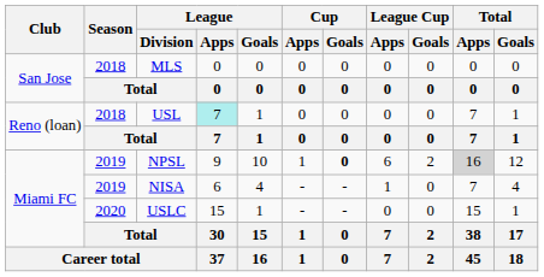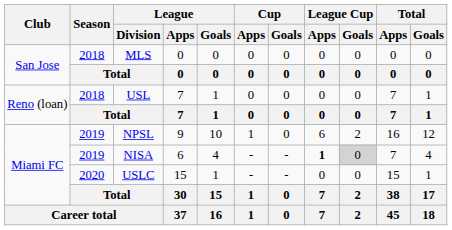 <table class="wikitable" style="text-align: center;">
 <tr>
 <th rowspan="2">Club</th>
 <th rowspan="2">Season</th>
 <th colspan="3">League</th>
 <th colspan="2">Cup</th>
 <th colspan="2">League Cup</th>
 <th colspan="2">Total</th>
 </tr>
 <tr>
 <th>Division</th>
 <th>Apps</th>
 <th>Goals</th>
 <th>Apps</th>
 <th>Goals</th>
 <th>Apps</th>
 <th>Goals</th>
 <th>Apps</th>
 <th>Goals</th>
 </tr>
 <tr>
 <td rowspan="2" valign="center"><a href='#'>San Jose</a></td>
 <td><a href='#'>2018</a></td>
 <td Rowspan="1"><a href='#'>MLS</a></td>
 <td>0</td>
 <td>0</td>
 <td>0</td>
 <td>0</td>
 <td>0</td>
 <td>0</td>
 <td>0</td>
 <td>0</td>
 </tr>
 <tr>
 <th colspan="2">Total</th>
 <th>0</th>
 <th>0</th>
 <th>0</th>
 <th>0</th>
 <th>0</th>
 <th>0</th>
 <th>0</th>
 <th>0</th>
 </tr>
 <tr>
 <td rowspan="2" valign="center"><a href='#'>Reno</a> (loan)</td>
 <td><a href='#'>2018</a></td>
 <td Rowspan="1"><a href='#'>USL</a></td>
-<td style="background: paleturquoise;">7</td>
+<td>7</td>
 <td>1</td>
 <td>0</td>
 <td>0</td>
 <td>0</td>
 <td>0</td>
 <td>7</td>
 <td>1</td>
 </tr>
 <tr>
 <th colspan="2">Total</th>
 <th>7</th>
 <th>1</th>
 <th>0</th>
 <th>0</th>
 <th>0</th>
 <th>0</th>
 <th>7</th>
 <th>1</th>
 </tr>
 <tr>
 <td rowspan="4" valign="center"><a href='#'>Miami FC</a></td>
 <td><a href='#'>2019</a></td>
 <td Rowspan="1"><a href='#'>NPSL</a></td>
 <td>9</td>
 <td>10</td>
 <td>1</td>
-<td><strong>0</strong></td>
+<td>0</td>
 <td>6</td>
 <td>2</td>
-<td style="background: lightgrey;">16</td>
+<td>16</td>
 <td>12</td>
 </tr>
 <tr>
 <td><a href='#'>2019</a></td>
 <td Rowspan="1"><a href='#'>NISA</a></td>
 <td>6</td>
 <td>4</td>
 <td>-</td>
 <td>-</td>
-<td>1</td>
-<td>0</td>
+<td><strong>1</strong></td>
+<td style="background: lightgrey;">0</td>
 <td>7</td>
 <td>4</td>
 </tr>
 <tr>
 <td><a href='#'>2020</a></td>
 <td Rowspan="1"><a href='#'>USLC</a></td>
 <td>15</td>
 <td>1</td>
 <td>-</td>
 <td>-</td>
 <td>0</td>
 <td>0</td>
 <td>15</td>
 <td>1</td>
 </tr>
 <tr>
 <th colspan="2">Total</th>
 <th>30</th>
 <th>15</th>
 <th>1</th>
 <th>0</th>
 <th>7</th>
 <th>2</th>
 <th>38</th>
 <th>17</th>
 </tr>
 <tr>
 <th colspan="3">Career total</th>
 <th>37</th>
 <th>16</th>
 <th>1</th>
 <th>0</th>
 <th>7</th>
 <th>2</th>
 <th>45</th>
 <th>18</th>
 </tr>
 </table>
